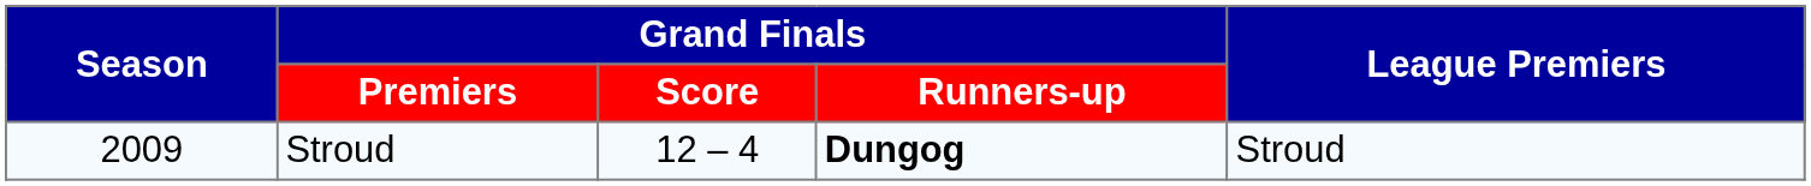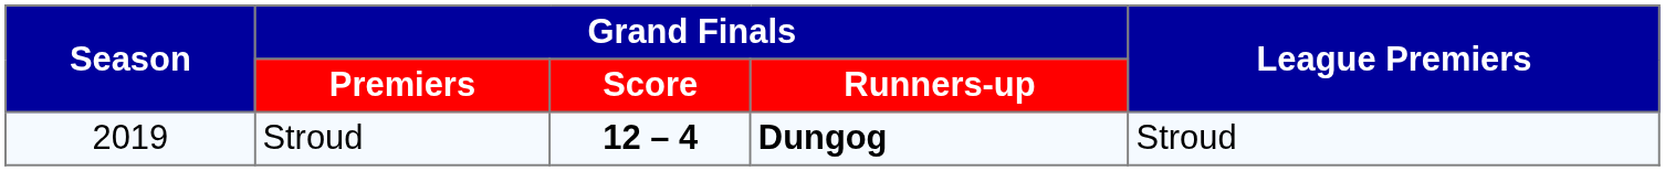 <table border="1" cellpadding="3" cellspacing="0" style="border-collapse:collapse; width:49%;">
 <tr style="background:#00009d;">
 <th rowspan=2 style="color:#FFFFFF;">Season</th>
 <th colspan=3 style="color:#FFFFFF;">Grand Finals</th>
 <th rowspan=2 style="color:#FFFFFF;">League Premiers</th>
 </tr>
 <tr style="background:#FF0000;">
 <th style="color:#FFFFFF;" "width:10%;">Premiers</th>
 <th style="color:#FFFFFF;" "width:6%;">Score</th>
 <th style="color:#FFFFFF;" "width:10%;">Runners-up</th>
 </tr>
 <tr align=center bgcolor=#F5FAFF>
-<td>2009</td>
+<td>2019</td>
 <td align=left> Stroud</td>
-<td>12 – 4</td>
+<td><strong>12 – 4</strong></td>
 <td align=left><strong> Dungog</strong></td>
 <td align=left> Stroud</td>
 </tr>
 </table>
